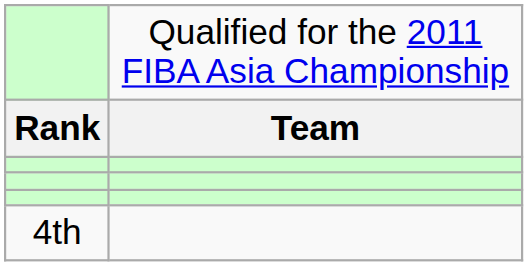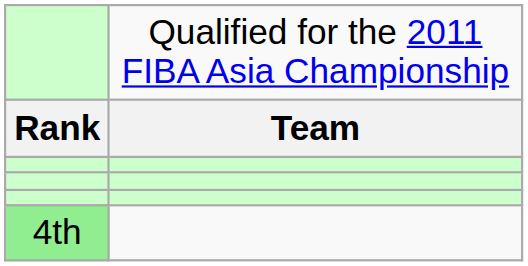 <table class=wikitable style="text-align:center;">
 <tr>
 <td width=5px bgcolor="#ccffcc"></td>
 <td>Qualified for the <a href='#'>2011 FIBA Asia Championship</a></td>
 </tr>
 <tr>
 <th width=40>Rank</th>
 <th width=180>Team</th>
 </tr>
 <tr bgcolor="#ccffcc">
 <td></td>
 <td align=left></td>
 </tr>
 <tr bgcolor="#ccffcc">
 <td></td>
 <td align=left></td>
 </tr>
 <tr bgcolor="#ccffcc">
 <td></td>
 <td align=left></td>
 </tr>
 <tr>
-<td>4th</td>
+<td style="background: lightgreen;">4th</td>
 <td align=left></td>
 </tr>
 </table>
